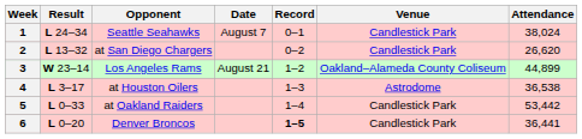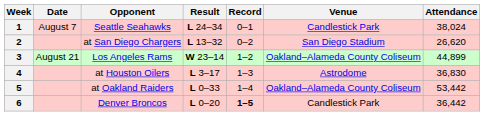 <table class="wikitable" style="text-align:center">
 <tr>
 <th>Week</th>
+<th>Date</th>
+<th>Opponent</th>
 <th>Result</th>
-<th>Opponent</th>
-<th>Date</th>
 <th>Record</th>
 <th>Venue</th>
 <th>Attendance</th>
 </tr>
 <tr style="background:#fcc">
 <th>1</th>
+<td>August 7</td>
+<td><a href='#'>Seattle Seahawks</a></td>
 <td><strong>L</strong> 24–34</td>
-<td><a href='#'>Seattle Seahawks</a></td>
-<td>August 7</td>
 <td>0–1</td>
 <td><a href='#'>Candlestick Park</a></td>
 <td>38,024</td>
 </tr>
 <tr style="background:#fcc">
 <th>2</th>
+<td></td>
+<td>at <a href='#'>San Diego Chargers</a></td>
 <td><strong>L</strong> 13–32</td>
-<td>at <a href='#'>San Diego Chargers</a></td>
-<td></td>
 <td>0–2</td>
-<td><a href='#'>Candlestick Park</a></td>
+<td><a href='#'>San Diego Stadium</a></td>
 <td>26,620</td>
 </tr>
 <tr style="background:#cfc">
 <th>3</th>
+<td>August 21</td>
+<td><a href='#'>Los Angeles Rams</a></td>
 <td><strong>W</strong> 23–14</td>
-<td><a href='#'>Los Angeles Rams</a></td>
-<td>August 21</td>
 <td>1–2</td>
 <td><a href='#'>Oakland–Alameda County Coliseum</a></td>
 <td>44,899</td>
 </tr>
 <tr style="background:#fcc">
 <th>4</th>
+<td></td>
+<td>at <a href='#'>Houston Oilers</a></td>
 <td><strong>L</strong> 3–17</td>
-<td>at <a href='#'>Houston Oilers</a></td>
-<td></td>
 <td>1–3</td>
 <td><a href='#'>Astrodome</a></td>
-<td>36,538</td>
+<td>36,830</td>
 </tr>
 <tr style="background:#fcc">
 <th>5</th>
+<td></td>
+<td>at <a href='#'>Oakland Raiders</a></td>
 <td><strong>L</strong> 0–33</td>
-<td>at <a href='#'>Oakland Raiders</a></td>
-<td></td>
 <td>1–4</td>
-<td>Candlestick Park</td>
+<td><a href='#'>Oakland–Alameda County Coliseum</a></td>
 <td>53,442</td>
 </tr>
 <tr style="background:#fcc">
 <th>6</th>
+<td></td>
+<td><a href='#'>Denver Broncos</a></td>
 <td><strong>L</strong> 0–20</td>
-<td><a href='#'>Denver Broncos</a></td>
-<td></td>
 <td><strong>1–5</strong></td>
 <td>Candlestick Park</td>
-<td>36,441</td>
+<td>36,442</td>
 </tr>
 </table>
